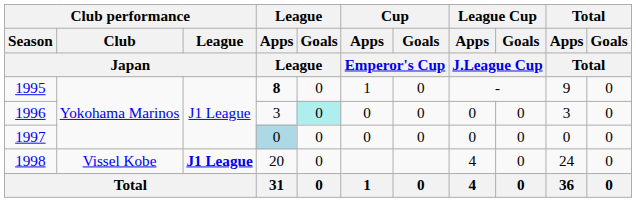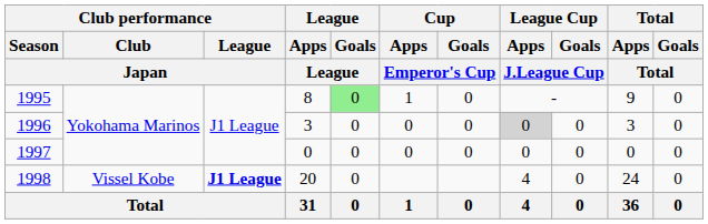 <table class="wikitable" style="text-align:center;">
 <tr>
 <th colspan=3>Club performance</th>
 <th colspan=2>League</th>
 <th colspan=2>Cup</th>
 <th colspan=2>League Cup</th>
 <th colspan=2>Total</th>
 </tr>
 <tr>
 <th>Season</th>
 <th>Club</th>
 <th>League</th>
 <th>Apps</th>
 <th>Goals</th>
 <th>Apps</th>
 <th>Goals</th>
 <th>Apps</th>
 <th>Goals</th>
 <th>Apps</th>
 <th>Goals</th>
 </tr>
 <tr>
 <th colspan=3>Japan</th>
 <th colspan=2>League</th>
 <th colspan=2><a href='#'>Emperor's Cup</a></th>
 <th colspan=2><a href='#'>J.League Cup</a></th>
 <th colspan=2>Total</th>
 </tr>
 <tr>
 <td><a href='#'>1995</a></td>
 <td rowspan="3"><a href='#'>Yokohama Marinos</a></td>
 <td rowspan="3"><a href='#'>J1 League</a></td>
-<td><strong>8</strong></td>
-<td>0</td>
+<td>8</td>
+<td style="background: lightgreen;">0</td>
 <td>1</td>
 <td>0</td>
 <td colspan="2">-</td>
 <td>9</td>
 <td>0</td>
 </tr>
 <tr>
 <td><a href='#'>1996</a></td>
 <td>3</td>
-<td style="background: paleturquoise;">0</td>
 <td>0</td>
 <td>0</td>
 <td>0</td>
+<td style="background: lightgrey;">0</td>
 <td>0</td>
 <td>3</td>
 <td>0</td>
 </tr>
 <tr>
 <td><a href='#'>1997</a></td>
-<td style="background: lightblue;">0</td>
+<td>0</td>
 <td>0</td>
 <td>0</td>
 <td>0</td>
 <td>0</td>
 <td>0</td>
 <td>0</td>
 <td>0</td>
 </tr>
 <tr>
 <td><a href='#'>1998</a></td>
 <td><a href='#'>Vissel Kobe</a></td>
 <td><strong><a href='#'>J1 League</a></strong></td>
 <td>20</td>
 <td>0</td>
 <td></td>
 <td></td>
 <td>4</td>
 <td>0</td>
 <td>24</td>
 <td>0</td>
 </tr>
 <tr>
 <th colspan=3>Total</th>
 <th>31</th>
 <th>0</th>
 <th>1</th>
 <th>0</th>
 <th>4</th>
 <th>0</th>
 <th>36</th>
 <th>0</th>
 </tr>
 </table>
